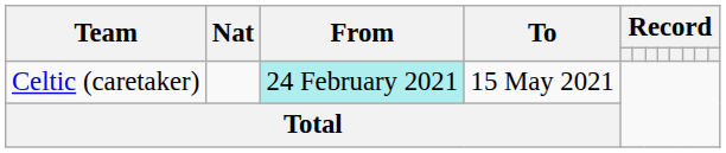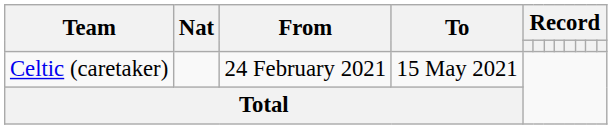 <table class="wikitable" style="text-align: center">
 <tr>
 <th rowspan="2">Team</th>
 <th rowspan="2">Nat</th>
 <th rowspan="2">From</th>
 <th rowspan="2">To</th>
 <th colspan="8">Record</th>
 </tr>
 <tr>
 <th></th>
 <th></th>
 <th></th>
 <th></th>
 <th></th>
 <th></th>
 <th></th>
 <th></th>
 </tr>
 <tr>
 <td align=left><a href='#'>Celtic</a> (caretaker)</td>
 <td></td>
-<td align=left style="background: paleturquoise;">24 February 2021</td>
+<td align=left>24 February 2021</td>
 <td align=left>15 May 2021<br></td>
 </tr>
 <tr>
 <th colspan="4">Total<br></th>
 </tr>
 </table>
